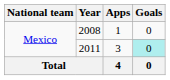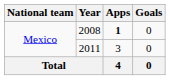 <table class="wikitable" style="text-align: center;">
 <tr>
 <th>National team</th>
 <th>Year</th>
 <th>Apps</th>
 <th>Goals</th>
 </tr>
 <tr>
 <td rowspan="2" valign="center"><a href='#'>Mexico</a></td>
 <td>2008</td>
-<td>1</td>
+<td><strong>1</strong></td>
 <td>0</td>
 </tr>
 <tr>
 <td>2011</td>
 <td>3</td>
-<td style="background: paleturquoise;">0</td>
+<td>0</td>
 </tr>
 <tr>
 <th colspan="2">Total</th>
 <th>4</th>
 <th>0</th>
 </tr>
 </table>
